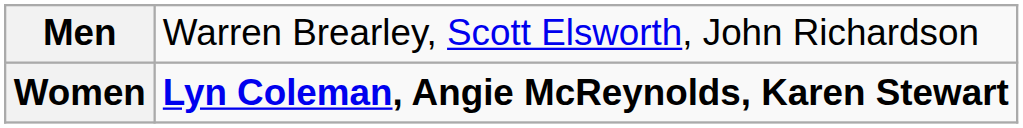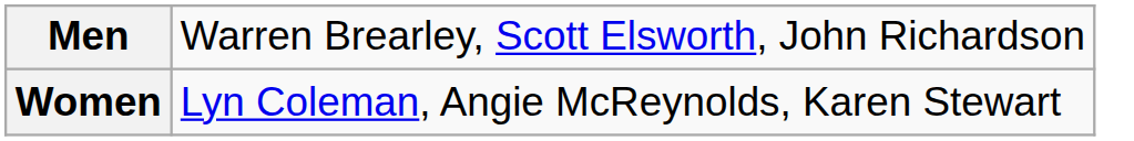 <table class="wikitable">
 <tr>
 <th>Men</th>
 <td>Warren Brearley, <a href='#'>Scott Elsworth</a>, John Richardson</td>
 </tr>
 <tr>
 <th>Women</th>
-<td><strong><a href='#'>Lyn Coleman</a>, Angie McReynolds, Karen Stewart</strong></td>
+<td><a href='#'>Lyn Coleman</a>, Angie McReynolds, Karen Stewart</td>
 </tr>
 </table>
